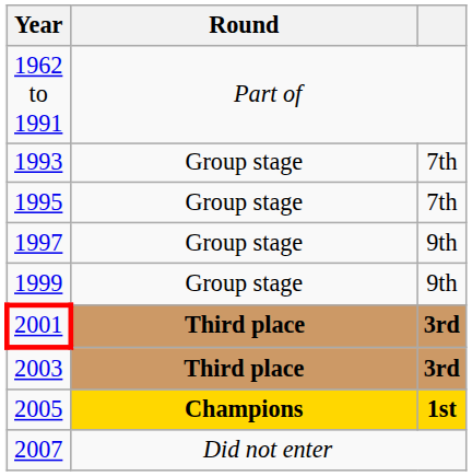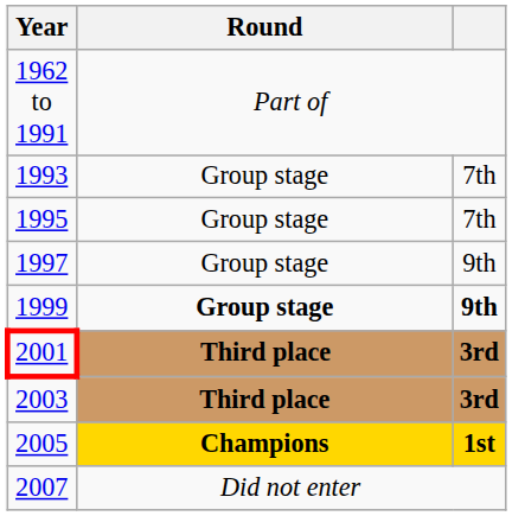 <table class="wikitable" style="text-align: center; font-size:90%">
 <tr>
 <th>Year</th>
 <th style="width:200px">Round</th>
 <th></th>
 </tr>
 <tr>
 <td><a href='#'>1962</a><br>to<br><a href='#'>1991</a></td>
 <td colspan="2"><em>Part of </em></td>
 </tr>
 <tr>
 <td><a href='#'>1993</a></td>
 <td>Group stage</td>
 <td>7th</td>
 </tr>
 <tr>
 <td><a href='#'>1995</a></td>
 <td>Group stage</td>
 <td>7th</td>
 </tr>
 <tr>
 <td><a href='#'>1997</a></td>
 <td>Group stage</td>
 <td>9th</td>
 </tr>
 <tr>
 <td><a href='#'>1999</a></td>
-<td>Group stage</td>
-<td>9th</td>
+<td><strong>Group stage</strong></td>
+<td><strong>9th</strong></td>
 </tr>
 <tr>
 <td style="border: 3px solid red"><a href='#'>2001</a></td>
 <td bgcolor="cc9966"><strong>Third place</strong></td>
 <td bgcolor="cc9966"><strong>3rd</strong></td>
 </tr>
 <tr>
 <td><a href='#'>2003</a></td>
 <td bgcolor="cc9966"><strong>Third place</strong></td>
 <td bgcolor="cc9966"><strong>3rd</strong></td>
 </tr>
 <tr>
 <td><a href='#'>2005</a></td>
 <td bgcolor=Gold><strong>Champions</strong></td>
 <td bgcolor=Gold><strong>1st</strong></td>
 </tr>
 <tr>
 <td><a href='#'>2007</a></td>
 <td colspan="2"><em>Did not enter</em></td>
 </tr>
 </table>
